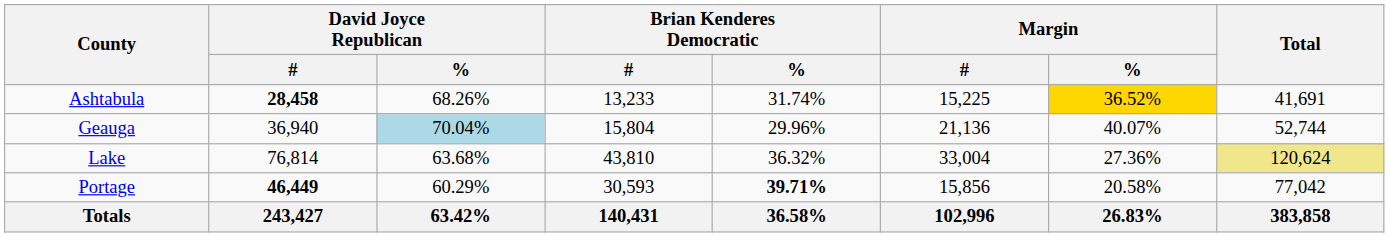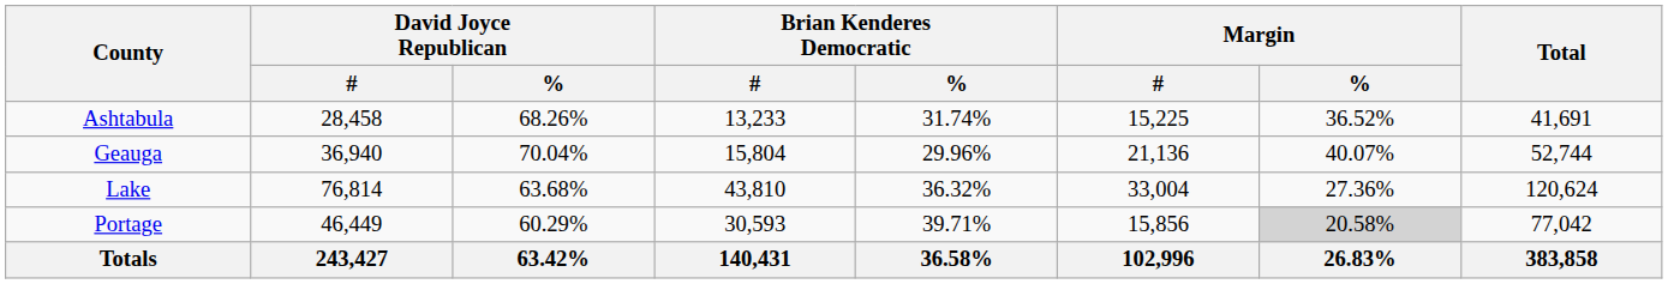 <table width="60%" class="wikitable sortable">
 <tr>
 <th rowspan="2">County</th>
 <th colspan="2">David Joyce<br>Republican</th>
 <th colspan="2">Brian Kenderes<br>Democratic</th>
 <th colspan="2">Margin</th>
 <th rowspan="2">Total</th>
 </tr>
 <tr>
 <th style="text-align:center;" data-sort-type="number">#</th>
 <th style="text-align:center;" data-sort-type="number">%</th>
 <th style="text-align:center;" data-sort-type="number">#</th>
 <th style="text-align:center;" data-sort-type="number">%</th>
 <th style="text-align:center;" data-sort-type="number">#</th>
 <th style="text-align:center;" data-sort-type="number">%</th>
 </tr>
 <tr style="text-align:center;">
 <td><a href='#'>Ashtabula</a></td>
-<td><strong>28,458</strong></td>
+<td>28,458</td>
 <td>68.26%</td>
 <td>13,233</td>
 <td>31.74%</td>
 <td>15,225</td>
-<td style="background: gold;">36.52%</td>
+<td>36.52%</td>
 <td>41,691</td>
 </tr>
 <tr style="text-align:center;">
 <td><a href='#'>Geauga</a></td>
 <td>36,940</td>
-<td style="background: lightblue;">70.04%</td>
+<td>70.04%</td>
 <td>15,804</td>
 <td>29.96%</td>
 <td>21,136</td>
 <td>40.07%</td>
 <td>52,744</td>
 </tr>
 <tr style="text-align:center;">
 <td><a href='#'>Lake</a></td>
 <td>76,814</td>
 <td>63.68%</td>
 <td>43,810</td>
 <td>36.32%</td>
 <td>33,004</td>
 <td>27.36%</td>
-<td style="background: khaki;">120,624</td>
+<td>120,624</td>
 </tr>
 <tr style="text-align:center;">
 <td><a href='#'>Portage</a></td>
-<td><strong>46,449</strong></td>
+<td>46,449</td>
 <td>60.29%</td>
 <td>30,593</td>
-<td><strong>39.71%</strong></td>
+<td>39.71%</td>
 <td>15,856</td>
-<td>20.58%</td>
+<td style="background: lightgrey;">20.58%</td>
 <td>77,042</td>
 </tr>
 <tr style="text-align:center;">
 <th>Totals</th>
 <th>243,427</th>
 <th>63.42%</th>
 <th>140,431</th>
 <th>36.58%</th>
 <th>102,996</th>
 <th>26.83%</th>
 <th>383,858</th>
 </tr>
 </table>
